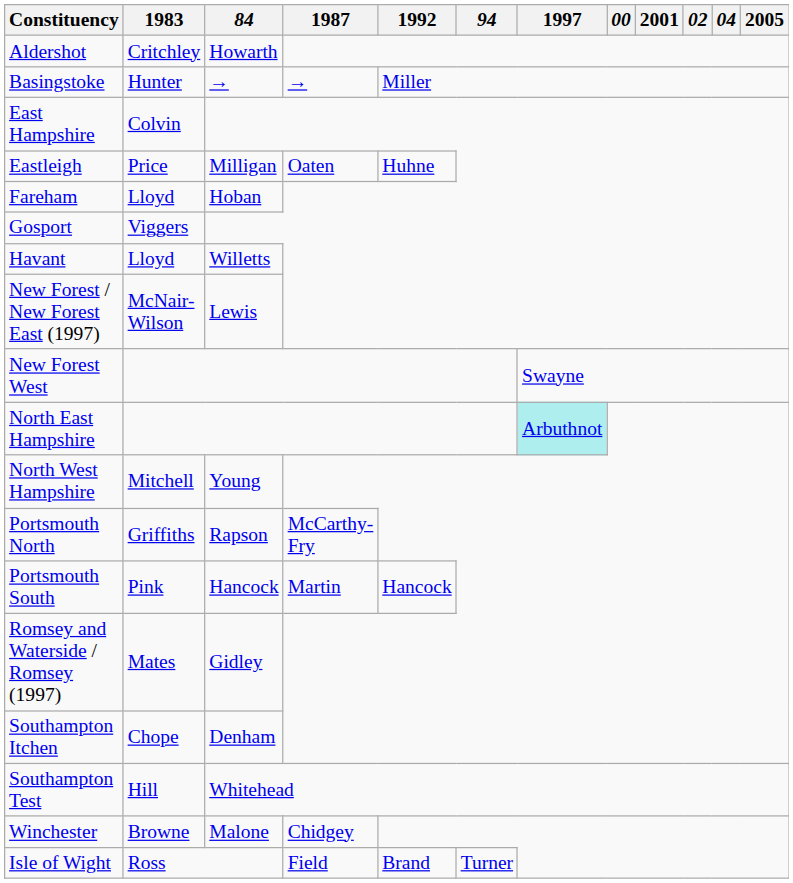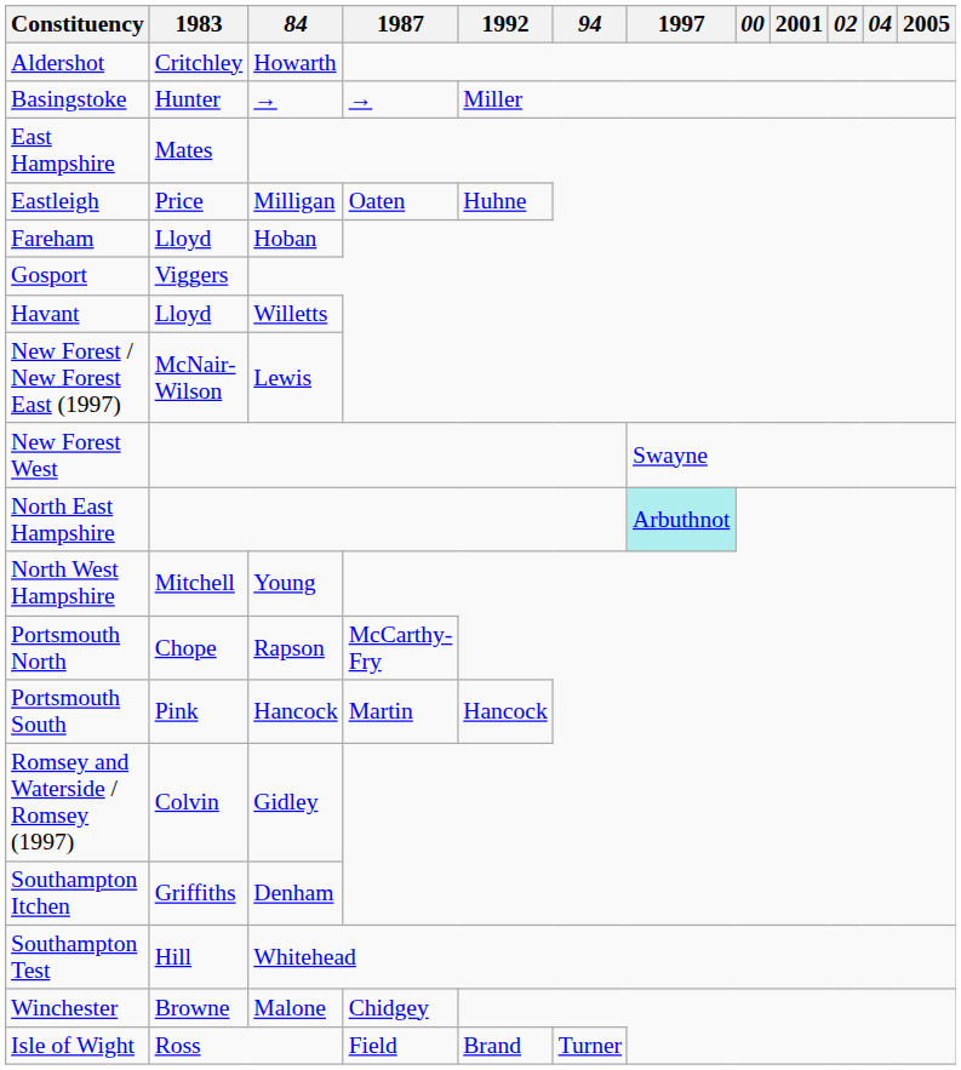 <table class="wikitable">
 <tr>
 <th>Constituency</th>
 <th>1983</th>
 <th><em>84</em></th>
 <th>1987</th>
 <th>1992</th>
 <th><em>94</em></th>
 <th>1997</th>
 <th><em>00</em></th>
 <th>2001</th>
 <th><em>02</em></th>
 <th><em>04</em></th>
 <th>2005</th>
 </tr>
 <tr>
 <td><a href='#'>Aldershot</a></td>
 <td><a href='#'>Critchley</a></td>
 <td><a href='#'>Howarth</a></td>
 </tr>
 <tr>
 <td><a href='#'>Basingstoke</a></td>
 <td><a href='#'>Hunter</a></td>
 <td><a href='#'>→</a></td>
 <td><a href='#'>→</a></td>
 <td colspan="8"><a href='#'>Miller</a></td>
 </tr>
 <tr>
 <td><a href='#'>East Hampshire</a></td>
-<td><a href='#'>Colvin</a></td>
+<td><a href='#'>Mates</a></td>
 </tr>
 <tr>
 <td><a href='#'>Eastleigh</a></td>
 <td><a href='#'>Price</a></td>
 <td><a href='#'>Milligan</a></td>
 <td><a href='#'>Oaten</a></td>
 <td><a href='#'>Huhne</a></td>
 </tr>
 <tr>
 <td><a href='#'>Fareham</a></td>
 <td><a href='#'>Lloyd</a></td>
 <td><a href='#'>Hoban</a></td>
 </tr>
 <tr>
 <td><a href='#'>Gosport</a></td>
 <td><a href='#'>Viggers</a></td>
 </tr>
 <tr>
 <td><a href='#'>Havant</a></td>
 <td><a href='#'>Lloyd</a></td>
 <td><a href='#'>Willetts</a></td>
 </tr>
 <tr>
 <td><a href='#'>New Forest</a> / <a href='#'>New Forest East</a> (1997)</td>
 <td><a href='#'>McNair-Wilson</a></td>
 <td><a href='#'>Lewis</a></td>
 </tr>
 <tr>
 <td><a href='#'>New Forest West</a></td>
 <td colspan="5"></td>
 <td colspan="13"><a href='#'>Swayne</a></td>
 </tr>
 <tr>
 <td><a href='#'>North East Hampshire</a></td>
 <td colspan="5"></td>
 <td style="background: paleturquoise;"><a href='#'>Arbuthnot</a></td>
 </tr>
 <tr>
 <td><a href='#'>North West Hampshire</a></td>
 <td><a href='#'>Mitchell</a></td>
 <td><a href='#'>Young</a></td>
 </tr>
 <tr>
 <td><a href='#'>Portsmouth North</a></td>
-<td><a href='#'>Griffiths</a></td>
+<td><a href='#'>Chope</a></td>
 <td><a href='#'>Rapson</a></td>
 <td><a href='#'>McCarthy-Fry</a></td>
 </tr>
 <tr>
 <td><a href='#'>Portsmouth South</a></td>
 <td><a href='#'>Pink</a></td>
 <td><a href='#'>Hancock</a></td>
 <td><a href='#'>Martin</a></td>
 <td><a href='#'>Hancock</a></td>
 </tr>
 <tr>
 <td><a href='#'>Romsey and Waterside</a> / <a href='#'>Romsey</a> (1997)</td>
-<td><a href='#'>Mates</a></td>
+<td><a href='#'>Colvin</a></td>
 <td><a href='#'>Gidley</a></td>
 </tr>
 <tr>
 <td><a href='#'>Southampton Itchen</a></td>
-<td><a href='#'>Chope</a></td>
+<td><a href='#'>Griffiths</a></td>
 <td><a href='#'>Denham</a></td>
 </tr>
 <tr>
 <td><a href='#'>Southampton Test</a></td>
 <td><a href='#'>Hill</a></td>
 <td colspan="13"><a href='#'>Whitehead</a></td>
 </tr>
 <tr>
 <td><a href='#'>Winchester</a></td>
 <td><a href='#'>Browne</a></td>
 <td><a href='#'>Malone</a></td>
 <td><a href='#'>Chidgey</a></td>
 </tr>
 <tr>
 <td><a href='#'>Isle of Wight</a></td>
 <td colspan="2"><a href='#'>Ross</a></td>
 <td><a href='#'>Field</a></td>
 <td><a href='#'>Brand</a></td>
 <td><a href='#'>Turner</a></td>
 </tr>
 </table>
